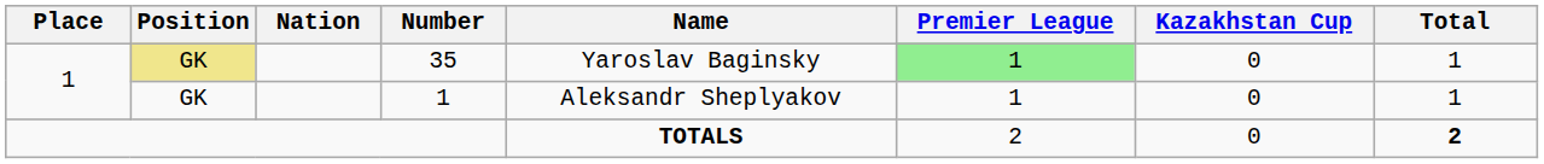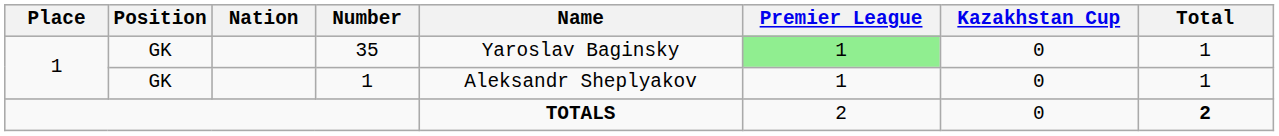 <table class="wikitable" style="font-size: 95%; text-align: center;">
 <tr>
 <th width=60>Place</th>
 <th width=60>Position</th>
 <th width=60>Nation</th>
 <th width=60>Number</th>
 <th width=200>Name</th>
 <th width=120><a href='#'>Premier League</a></th>
 <th width=120><a href='#'>Kazakhstan Cup</a></th>
 <th width=80>Total</th>
 </tr>
 <tr>
 <td rowspan="2">1</td>
-<td style="background: khaki;">GK</td>
+<td>GK</td>
 <td></td>
 <td>35</td>
 <td>Yaroslav Baginsky</td>
 <td style="background: lightgreen;">1</td>
 <td>0</td>
 <td>1</td>
 </tr>
 <tr>
 <td>GK</td>
 <td></td>
 <td>1</td>
 <td>Aleksandr Sheplyakov</td>
 <td>1</td>
 <td>0</td>
 <td>1</td>
 </tr>
 <tr>
 <td colspan="4"></td>
 <td><strong>TOTALS</strong></td>
 <td>2</td>
 <td>0</td>
 <td><strong>2</strong></td>
 </tr>
 </table>
